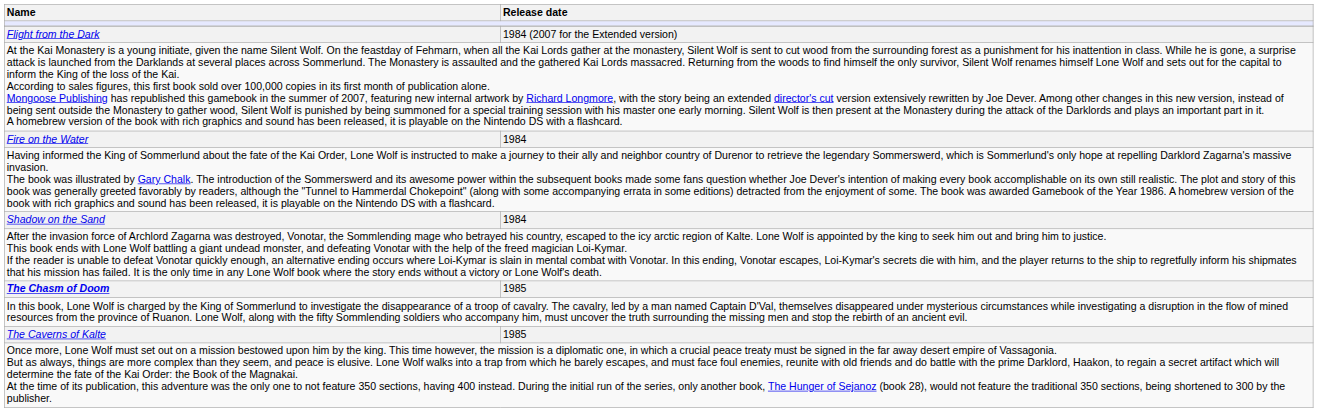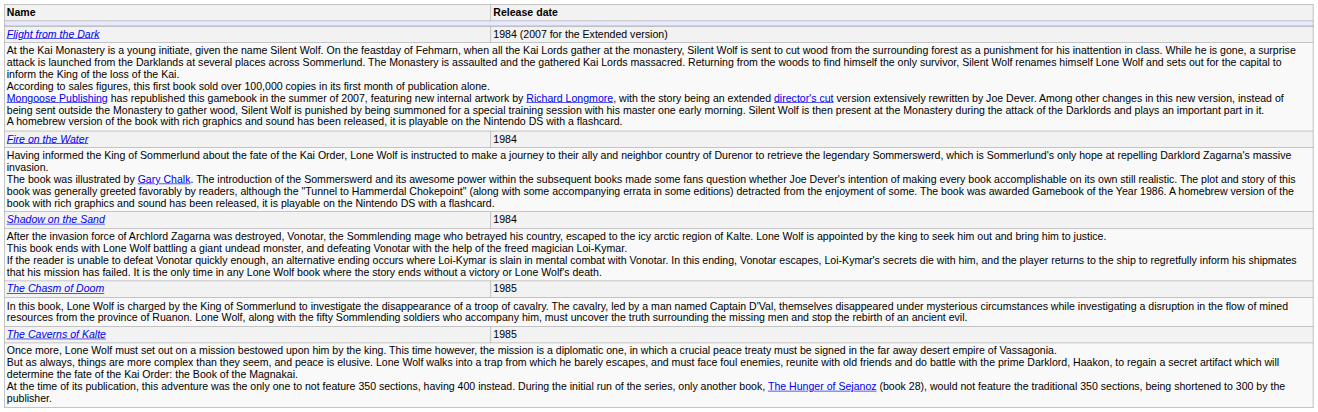 <table class="wikitable" width="100%">
 <tr>
 <th style="text-align:left;">Name</th>
 <th style="text-align:left;">Release date</th>
 </tr>
 <tr>
 <td colspan="2" bgcolor="#e6e9ff"></td>
 </tr>
 <tr>
 </tr>
 <tr bgcolor="#F2F2F2" align="left">
 <td><em> <a href='#'>Flight from the Dark</a></em></td>
 <td>1984 (2007 for the Extended version)</td>
 </tr>
 <tr>
 <td colspan="2" style="border: none; vertical-align: top;">At the Kai Monastery is a young initiate, given the name Silent Wolf. On the feastday of Fehmarn, when all the Kai Lords gather at the monastery, Silent Wolf is sent to cut wood from the surrounding forest as a punishment for his inattention in class. While he is gone, a surprise attack is launched from the Darklands at several places across Sommerlund. The Monastery is assaulted and the gathered Kai Lords massacred. Returning from the woods to find himself the only survivor, Silent Wolf renames himself Lone Wolf and sets out for the capital to inform the King of the loss of the Kai.<br>According to sales figures, this first book sold over 100,000 copies in its first month of publication alone.<br><a href='#'>Mongoose Publishing</a> has republished this gamebook in the summer of 2007, featuring new internal artwork by <a href='#'>Richard Longmore</a>, with the story being an extended <a href='#'>director's cut</a> version extensively rewritten by Joe Dever. Among other changes in this new version, instead of being sent outside the Monastery to gather wood, Silent Wolf is punished by being summoned for a special training session with his master one early morning. Silent Wolf is then present at the Monastery during the attack of the Darklords and plays an important part in it.<br>A homebrew version of the book with rich graphics and sound has been released, it is playable on the Nintendo DS with a flashcard.</td>
 </tr>
 <tr bgcolor="#F2F2F2" align="left">
 <td><em> <a href='#'>Fire on the Water</a></em></td>
 <td>1984</td>
 </tr>
 <tr>
 <td colspan="2" style="border: none; vertical-align: top;">Having informed the King of Sommerlund about the fate of the Kai Order, Lone Wolf is instructed to make a journey to their ally and neighbor country of Durenor to retrieve the legendary Sommerswerd, which is Sommerlund's only hope at repelling Darklord Zagarna's massive invasion.<br>The book was illustrated by <a href='#'>Gary Chalk</a>. The introduction of the Sommerswerd and its awesome power within the subsequent books made some fans question whether Joe Dever's intention of making every book accomplishable on its own still realistic. The plot and story of this book was generally greeted favorably by readers, although the "Tunnel to Hammerdal Chokepoint" (along with some accompanying errata in some editions) detracted from the enjoyment of some. The book was awarded Gamebook of the Year 1986.  A homebrew version of the book with rich graphics and sound has been released, it is playable on the Nintendo DS with a flashcard.</td>
 </tr>
 <tr bgcolor="#F2F2F2" align="left">
 <td><em><a href='#'>Shadow on the Sand</a></em></td>
 <td>1984</td>
 </tr>
 <tr>
 <td colspan="2" style="border: none; vertical-align: top;">After the invasion force of Archlord Zagarna was destroyed, Vonotar, the Sommlending mage who betrayed his country, escaped to the icy arctic region of Kalte. Lone Wolf is appointed by the king to seek him out and bring him to justice.<br>This book ends with Lone Wolf battling a giant undead monster, and defeating Vonotar with the help of the freed magician Loi-Kymar.<br>If the reader is unable to defeat Vonotar quickly enough, an alternative ending occurs where Loi-Kymar is slain in mental combat with Vonotar. In this ending, Vonotar escapes, Loi-Kymar's secrets die with him, and the player returns to the ship to regretfully inform his shipmates that his mission has failed. It is the only time in any Lone Wolf book where the story ends without a victory or Lone Wolf's death.</td>
 </tr>
 <tr bgcolor="#F2F2F2" align="left">
-<td><strong><em><a href='#'>The Chasm of Doom</a></em></strong></td>
+<td><em><a href='#'>The Chasm of Doom</a></em></td>
 <td>1985</td>
 </tr>
 <tr>
 <td colspan="2" style="border: none; vertical-align: top;">In this book, Lone Wolf is charged by the King of Sommerlund to investigate the disappearance of a troop of cavalry. The cavalry, led by a man named Captain D'Val, themselves disappeared under mysterious circumstances while investigating a disruption in the flow of mined resources from the province of Ruanon. Lone Wolf, along with the fifty Sommlending soldiers who accompany him, must uncover the truth surrounding the missing men and stop the rebirth of an ancient evil.</td>
 </tr>
 <tr bgcolor="#F2F2F2" align="left">
 <td><em> <a href='#'>The Caverns of Kalte</a></em></td>
 <td>1985</td>
 </tr>
 <tr>
 <td colspan="2" style="border: none; vertical-align: top;">Once more, Lone Wolf must set out on a mission bestowed upon him by the king. This time however, the mission is a diplomatic one, in which a crucial peace treaty must be signed in the far away desert empire of Vassagonia.<br>But as always, things are more complex than they seem, and peace is elusive. Lone Wolf walks into a trap from which he barely escapes, and must face foul enemies, reunite with old friends and do battle with the prime Darklord, Haakon, to regain a secret artifact which will determine the fate of the Kai Order: the Book of the Magnakai.<br>At the time of its publication, this adventure was the only one to not feature 350 sections, having 400 instead. During the initial run of the series, only another book, <a href='#'>The Hunger of Sejanoz</a> (book 28), would not feature the traditional 350 sections, being shortened to 300 by the publisher.</td>
 </tr>
 </table>
